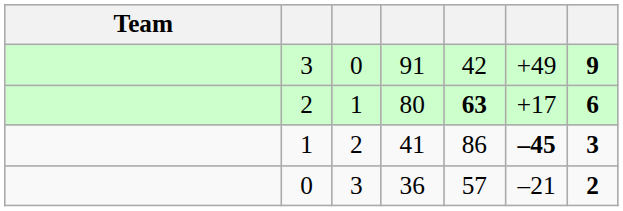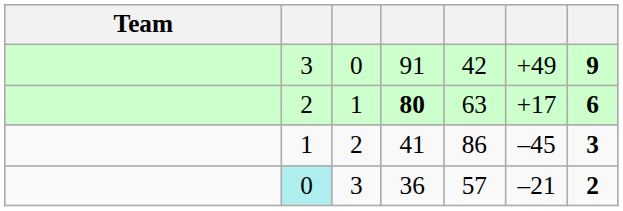 <table class="wikitable" style="text-align:center;">
 <tr>
 <th style="width:10.5em;">Team</th>
 <th style="width:1.5em;"></th>
 <th style="width:1.5em;"></th>
 <th style="width:2.0em;"></th>
 <th style="width:2.0em;"></th>
 <th style="width:2.0em;"></th>
 <th style="width:1.5em;"></th>
 </tr>
 <tr bgcolor=#cfc>
 <td align="left"></td>
 <td>3</td>
 <td>0</td>
 <td>91</td>
 <td>42</td>
 <td>+49</td>
 <td><strong>9</strong></td>
 </tr>
 <tr bgcolor=#cfc>
 <td align="left"></td>
 <td>2</td>
 <td>1</td>
-<td>80</td>
-<td><strong>63</strong></td>
+<td><strong>80</strong></td>
+<td>63</td>
 <td>+17</td>
 <td><strong>6</strong></td>
 </tr>
 <tr>
 <td align="left"></td>
 <td>1</td>
 <td>2</td>
 <td>41</td>
 <td>86</td>
-<td><strong>–45</strong></td>
+<td>–45</td>
 <td><strong>3</strong></td>
 </tr>
 <tr>
 <td align="left"></td>
-<td>0</td>
+<td style="background: paleturquoise;">0</td>
 <td>3</td>
 <td>36</td>
 <td>57</td>
 <td>–21</td>
 <td><strong>2</strong></td>
 </tr>
 </table>
